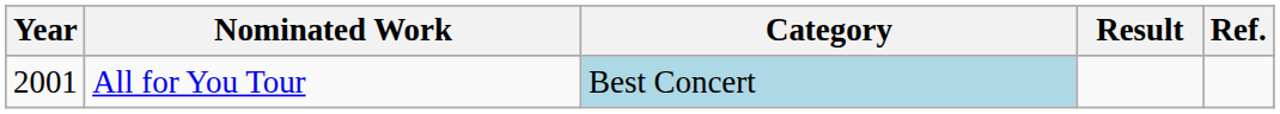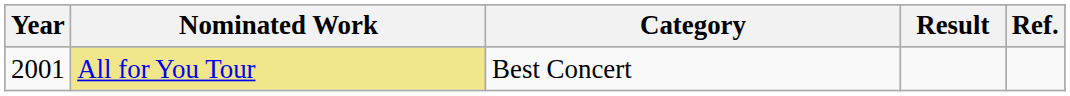 <table class="wikitable" width="50%">
 <tr>
 <th width="5%">Year</th>
 <th width="40%">Nominated Work</th>
 <th width="40%">Category</th>
 <th width="10%">Result</th>
 <th width="5%">Ref.</th>
 </tr>
 <tr>
 <td>2001</td>
-<td><a href='#'>All for You Tour</a></td>
-<td style="background: lightblue;">Best Concert</td>
+<td style="background: khaki;"><a href='#'>All for You Tour</a></td>
+<td>Best Concert</td>
 <td></td>
 <td></td>
 </tr>
 </table>
